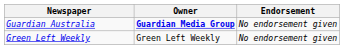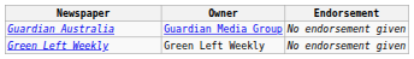 <table class="wikitable sortable right">
 <tr>
 <th style="width:200px;">Newspaper</th>
 <th>Owner</th>
 <th>Endorsement</th>
 </tr>
 <tr>
 <td><em><a href='#'>Guardian Australia</a></em></td>
-<td><strong><a href='#'>Guardian Media Group</a></strong></td>
+<td><a href='#'>Guardian Media Group</a></td>
 <td colspan="2"><em>No endorsement given</em></td>
 </tr>
 <tr>
 <td><em><a href='#'>Green Left Weekly</a></em></td>
 <td>Green Left Weekly</td>
 <td colspan="2"><em>No endorsement given</em></td>
 </tr>
 </table>
